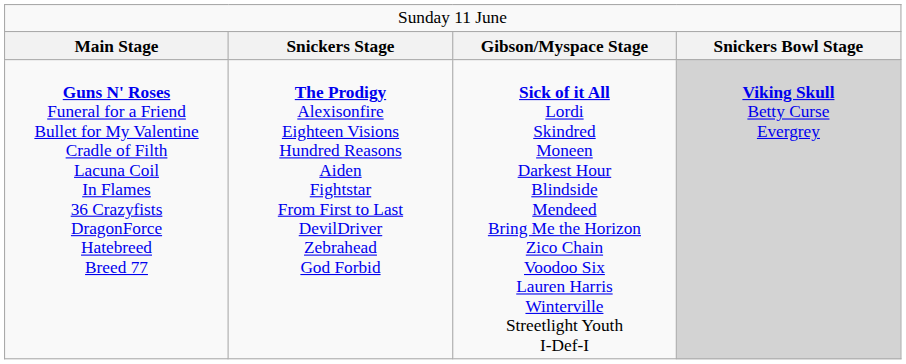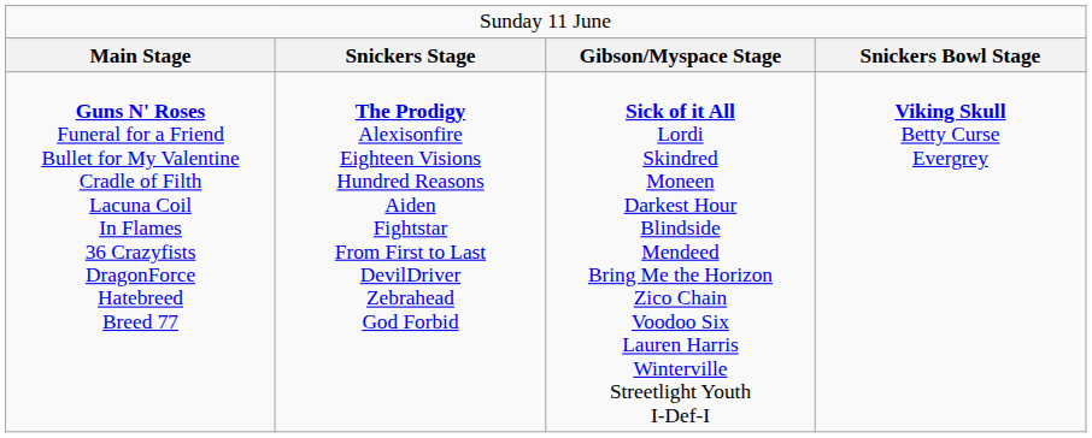 <table class="wikitable">
 <tr>
 <td colspan="4" style="text-align:center;">Sunday 11 June</td>
 </tr>
 <tr>
 <th>Main Stage</th>
 <th>Snickers Stage</th>
 <th>Gibson/Myspace Stage</th>
 <th>Snickers Bowl Stage</th>
 </tr>
 <tr>
 <td style="text-align:center; vertical-align:top; width:200px;"><br><strong><a href='#'>Guns N' Roses</a></strong> <br><a href='#'>Funeral for a Friend</a> <br><a href='#'>Bullet for My Valentine</a> <br><a href='#'>Cradle of Filth</a> <br><a href='#'>Lacuna Coil</a> <br><a href='#'>In Flames</a> <br><a href='#'>36 Crazyfists</a> <br><a href='#'>DragonForce</a> <br><a href='#'>Hatebreed</a> <br><a href='#'>Breed 77</a></td>
 <td style="text-align:center; vertical-align:top; width:200px;"><br><strong><a href='#'>The Prodigy</a></strong> <br><a href='#'>Alexisonfire</a> <br><a href='#'>Eighteen Visions</a> <br><a href='#'>Hundred Reasons</a> <br><a href='#'>Aiden</a> <br><a href='#'>Fightstar</a> <br><a href='#'>From First to Last</a> <br><a href='#'>DevilDriver</a> <br><a href='#'>Zebrahead</a> <br><a href='#'>God Forbid</a></td>
 <td style="text-align:center; vertical-align:top; width:200px;"><br><strong><a href='#'>Sick of it All</a></strong> <br><a href='#'>Lordi</a> <br><a href='#'>Skindred</a> <br><a href='#'>Moneen</a> <br><a href='#'>Darkest Hour</a> <br><a href='#'>Blindside</a> <br><a href='#'>Mendeed</a> <br><a href='#'>Bring Me the Horizon</a> <br><a href='#'>Zico Chain</a> <br><a href='#'>Voodoo Six</a> <br><a href='#'>Lauren Harris</a> <br><a href='#'>Winterville</a> <br>Streetlight Youth <br>I-Def-I</td>
-<td style="background: lightgrey; text-align:center; vertical-align:top; width:200px;"><br><strong><a href='#'>Viking Skull</a></strong> <br><a href='#'>Betty Curse</a> <br><a href='#'>Evergrey</a></td>
+<td style="text-align:center; vertical-align:top; width:200px;"><br><strong><a href='#'>Viking Skull</a></strong> <br><a href='#'>Betty Curse</a> <br><a href='#'>Evergrey</a></td>
 </tr>
 </table>
